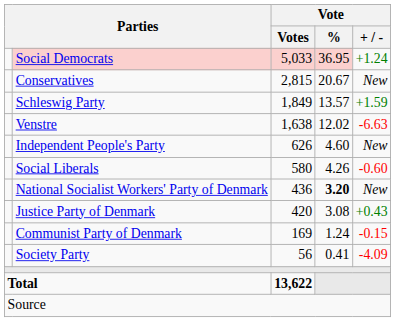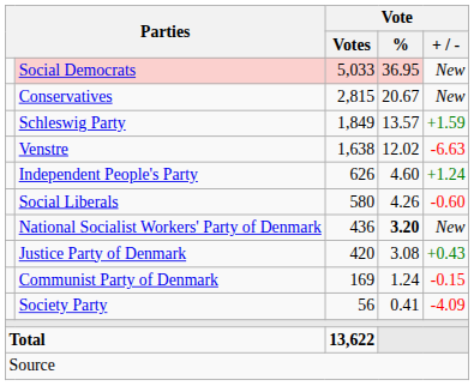 <table class="wikitable" style="text-align:right;">
 <tr>
 <th style="text-align:centre;" rowspan="2" colspan="2" width="225">Parties</th>
 <th colspan="3">Vote</th>
 </tr>
 <tr>
 <th width="15">Votes</th>
 <th width="15">%</th>
 <th width="15">+ / -</th>
 </tr>
 <tr>
 <td width="2" style="color:inherit;background:"></td>
 <td bgcolor=#fbd0ce  align="left"><a href='#'>Social Democrats</a></td>
 <td bgcolor=#fbd0ce>5,033</td>
 <td bgcolor=#fbd0ce>36.95</td>
-<td style=color:green;>+1.24</td>
+<td><em>New</em></td>
 </tr>
 <tr>
 <td width="2" style="color:inherit;background:"></td>
 <td align="left"><a href='#'>Conservatives</a></td>
 <td>2,815</td>
 <td>20.67</td>
 <td><em>New</em></td>
 </tr>
 <tr>
 <td width="2" style="color:inherit;background:"></td>
 <td align="left"><a href='#'>Schleswig Party</a></td>
 <td>1,849</td>
 <td>13.57</td>
 <td style=color:green;>+1.59</td>
 </tr>
 <tr>
 <td width="2" style="color:inherit;background:"></td>
 <td align="left"><a href='#'>Venstre</a></td>
 <td>1,638</td>
 <td>12.02</td>
 <td style=color:red;>-6.63</td>
 </tr>
 <tr>
 <td width="2" style="color:inherit;background:"></td>
 <td align="left"><a href='#'>Independent People's Party</a></td>
 <td>626</td>
 <td>4.60</td>
-<td><em>New</em></td>
+<td style=color:green;>+1.24</td>
 </tr>
 <tr>
 <td width="2" style="color:inherit;background:"></td>
 <td align="left"><a href='#'>Social Liberals</a></td>
 <td>580</td>
 <td>4.26</td>
 <td style=color:red;>-0.60</td>
 </tr>
 <tr>
 <td width="2" style="color:inherit;background:"></td>
 <td align="left"><a href='#'>National Socialist Workers' Party of Denmark</a></td>
 <td>436</td>
 <td><strong>3.20</strong></td>
 <td><em>New</em></td>
 </tr>
 <tr>
 <td width="2" style="color:inherit;background:"></td>
 <td align="left"><a href='#'>Justice Party of Denmark</a></td>
 <td>420</td>
 <td>3.08</td>
 <td style=color:green;>+0.43</td>
 </tr>
 <tr>
 <td width="2" style="color:inherit;background:"></td>
 <td align="left"><a href='#'>Communist Party of Denmark</a></td>
 <td>169</td>
 <td>1.24</td>
 <td style=color:red;>-0.15</td>
 </tr>
 <tr>
 <td width="2" style="color:inherit;background:"></td>
 <td align="left"><a href='#'>Society Party</a></td>
 <td>56</td>
 <td>0.41</td>
 <td style=color:red;>-4.09</td>
 </tr>
 <tr>
 <td colspan="7" bgcolor="#E9E9E9"></td>
 </tr>
 <tr>
 <td align="left" colspan="2"><strong>Total</strong></td>
 <td><strong>13,622</strong></td>
 <td bgcolor="#E9E9E9" colspan="2"></td>
 </tr>
 <tr>
 <td align="left" colspan="6">Source</td>
 </tr>
 </table>
